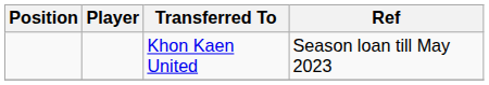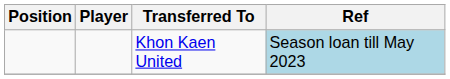 <table class="wikitable sortable" style="width:70%; font-size:100%; text-align:left;">
 <tr>
 <th>Position</th>
 <th>Player</th>
 <th>Transferred To</th>
 <th>Ref</th>
 </tr>
 <tr>
 <td></td>
 <td></td>
 <td> <a href='#'>Khon Kaen United</a></td>
-<td>Season loan till May 2023</td>
+<td style="background: lightblue;">Season loan till May 2023</td>
 </tr>
 <tr>
 </tr>
 </table>
